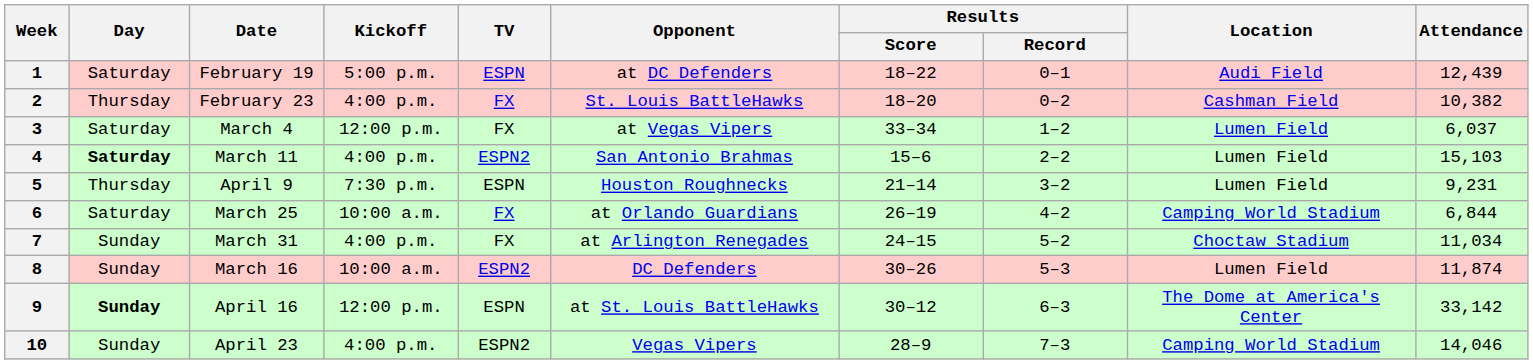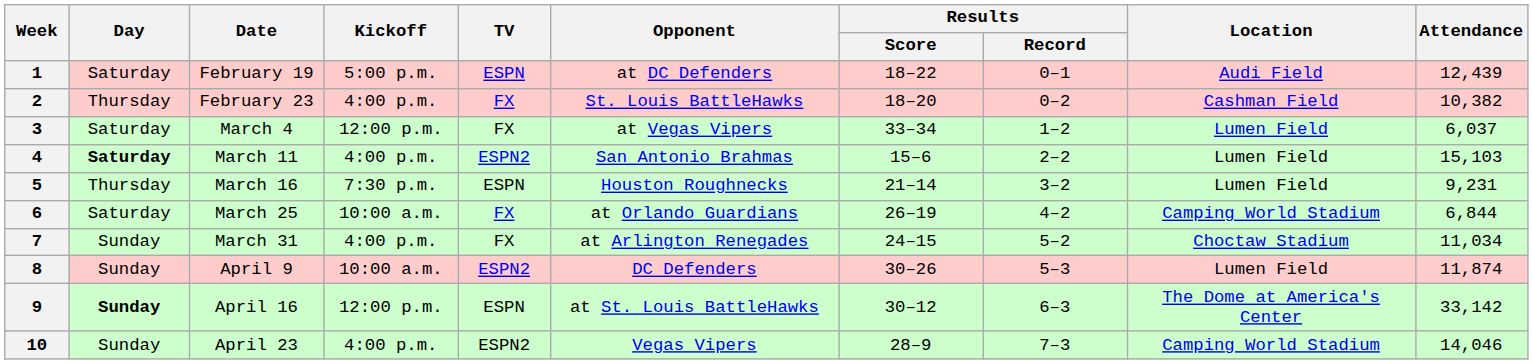 <table class="wikitable" style="text-align:center; font-size: 95%;">
 <tr>
 <th rowspan="2" width="40">Week</th>
 <th rowspan="2" width="80">Day</th>
 <th rowspan="2" width="90">Date</th>
 <th rowspan="2" width="90">Kickoff</th>
 <th rowspan="2" width="60">TV</th>
 <th rowspan="2" width="200">Opponent</th>
 <th colspan="2" width="200">Results</th>
 <th rowspan="2" width="200">Location</th>
 <th rowspan="2">Attendance</th>
 </tr>
 <tr>
 <th width="60">Score</th>
 <th width="60">Record</th>
 </tr>
 <tr bgcolor=#ffcccc>
 <th>1</th>
 <td>Saturday</td>
 <td>February 19</td>
 <td>5:00 p.m.</td>
 <td><a href='#'>ESPN</a></td>
 <td>at <a href='#'>DC Defenders</a></td>
 <td>18–22</td>
 <td>0–1</td>
 <td><a href='#'>Audi Field</a></td>
 <td>12,439</td>
 </tr>
 <tr bgcolor=#ffcccc>
 <th>2</th>
 <td>Thursday</td>
 <td>February 23</td>
 <td>4:00 p.m.</td>
 <td><a href='#'>FX</a></td>
 <td><a href='#'>St. Louis BattleHawks</a></td>
 <td>18–20</td>
 <td>0–2</td>
 <td><a href='#'>Cashman Field</a></td>
 <td>10,382</td>
 </tr>
 <tr bgcolor=#ccffcc>
 <th>3</th>
 <td>Saturday</td>
 <td>March 4</td>
 <td>12:00 p.m.</td>
 <td>FX</td>
 <td>at <a href='#'>Vegas Vipers</a></td>
 <td>33–34</td>
 <td>1–2</td>
 <td><a href='#'>Lumen Field</a></td>
 <td>6,037</td>
 </tr>
 <tr bgcolor=#ccffcc>
 <th>4</th>
 <td><strong>Saturday</strong></td>
 <td>March 11</td>
 <td>4:00 p.m.</td>
 <td><a href='#'>ESPN2</a></td>
 <td><a href='#'>San Antonio Brahmas</a></td>
 <td>15–6</td>
 <td>2–2</td>
 <td>Lumen Field</td>
 <td>15,103</td>
 </tr>
 <tr bgcolor=#ccffcc>
 <th>5</th>
 <td>Thursday</td>
-<td>April 9</td>
+<td>March 16</td>
 <td>7:30 p.m.</td>
 <td>ESPN</td>
 <td><a href='#'>Houston Roughnecks</a></td>
 <td>21–14</td>
 <td>3–2</td>
 <td>Lumen Field</td>
 <td>9,231</td>
 </tr>
 <tr bgcolor=#ccffcc>
 <th>6</th>
 <td>Saturday</td>
 <td>March 25</td>
 <td>10:00 a.m.</td>
 <td><a href='#'>FX</a></td>
 <td>at <a href='#'>Orlando Guardians</a></td>
 <td>26–19</td>
 <td>4–2</td>
 <td><a href='#'>Camping World Stadium</a></td>
 <td>6,844</td>
 </tr>
 <tr bgcolor=#ccffcc>
 <th>7</th>
 <td>Sunday</td>
 <td>March 31</td>
 <td>4:00 p.m.</td>
 <td>FX</td>
 <td>at <a href='#'>Arlington Renegades</a></td>
 <td>24–15</td>
 <td>5–2</td>
 <td><a href='#'>Choctaw Stadium</a></td>
 <td>11,034</td>
 </tr>
 <tr bgcolor=#ffcccc>
 <th>8</th>
 <td>Sunday</td>
-<td>March 16</td>
+<td>April 9</td>
 <td>10:00 a.m.</td>
 <td><a href='#'>ESPN2</a></td>
 <td><a href='#'>DC Defenders</a></td>
 <td>30–26</td>
 <td>5–3</td>
 <td>Lumen Field</td>
 <td>11,874</td>
 </tr>
 <tr bgcolor=#ccffcc>
 <th>9</th>
 <td><strong>Sunday</strong></td>
 <td>April 16</td>
 <td>12:00 p.m.</td>
 <td>ESPN</td>
 <td>at <a href='#'>St. Louis BattleHawks</a></td>
 <td>30–12</td>
 <td>6–3</td>
 <td><a href='#'>The Dome at America's Center</a></td>
 <td>33,142</td>
 </tr>
 <tr bgcolor=#ccffcc>
 <th>10</th>
 <td>Sunday</td>
 <td>April 23</td>
 <td>4:00 p.m.</td>
 <td>ESPN2</td>
 <td><a href='#'>Vegas Vipers</a></td>
 <td>28–9</td>
 <td>7–3</td>
 <td><a href='#'>Camping World Stadium</a></td>
 <td>14,046</td>
 </tr>
 </table>
